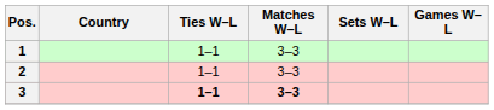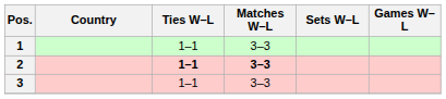 <table class="wikitable nowrap" style=text-align:center>
 <tr>
 <th>Pos.</th>
 <th width=150>Country</th>
 <th width=90>Ties W–L</th>
 <th width=90>Matches W–L</th>
 <th width=90>Sets W–L</th>
 <th width=90>Games W–L</th>
 </tr>
 <tr style="background:#ccffcc;">
 <th>1</th>
 <td align=left><strong></strong></td>
 <td>1–1</td>
 <td>3–3</td>
 <td></td>
 <td></td>
 </tr>
 <tr style="background:#ffcccc;">
 <th>2</th>
 <td align=left><em></em></td>
+<td><strong>1–1</strong></td>
+<td><strong>3–3</strong></td>
+<td></td>
+<td></td>
+</tr>
+<tr style="background:#ffcccc;">
+<th>3</th>
+<td align=left><em></em></td>
 <td>1–1</td>
 <td>3–3</td>
 <td></td>
 <td></td>
 </tr>
 <tr style="background:#ffcccc;">
-<th>3</th>
-<td align=left><em></em></td>
-<td><strong>1–1</strong></td>
-<td><strong>3–3</strong></td>
-<td></td>
-<td></td>
-</tr>
-<tr style="background:#ffcccc;">
 </tr>
 </table>
